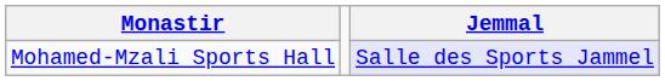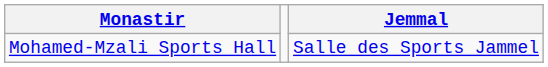 <table class="wikitable" style="text-align:center;">
 <tr>
 <th><a href='#'>Monastir</a></th>
 <td rowspan="2"><br></td>
 <th><a href='#'>Jemmal</a></th>
 </tr>
 <tr>
 <td><a href='#'>Mohamed-Mzali Sports Hall</a><br></td>
-<td style="background: lavender;"><a href='#'>Salle des Sports Jammel</a><br></td>
+<td><a href='#'>Salle des Sports Jammel</a><br></td>
 </tr>
 </table>
